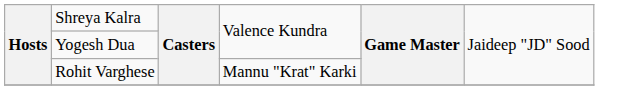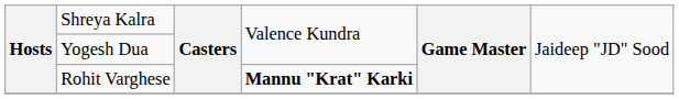 <table class="wikitable" style=font-size:85%;>
 <tr>
 <th rowspan="3">Hosts</th>
 <td>Shreya Kalra</td>
 <th rowspan="3">Casters</th>
 <td rowspan="2">Valence Kundra</td>
 <th rowspan="3">Game Master</th>
 <td rowspan="3">Jaideep "JD" Sood</td>
 </tr>
 <tr>
 <td>Yogesh Dua</td>
 </tr>
 <tr>
 <td>Rohit Varghese</td>
-<td>Mannu "Krat" Karki</td>
+<td><strong>Mannu "Krat" Karki</strong></td>
 </tr>
 <tr>
 </tr>
 </table>
